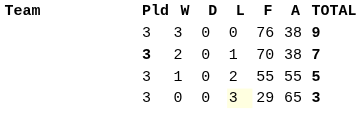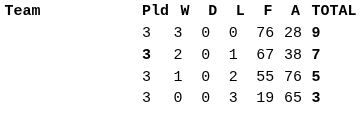 <table>
 <tr>
 <td><br></td>
 </tr>
 <tr border=1 cellpadding=5 cellspacing=0>
 <th width="200">Team</th>
 <th width="20">Pld</th>
 <th width="20">W</th>
 <th width="20">D</th>
 <th width="20">L</th>
 <th width="20">F</th>
 <th width="20">A</th>
 <th width="20">TOTAL</th>
 </tr>
 <tr>
 <td align=left></td>
 <td>3</td>
 <td>3</td>
 <td>0</td>
 <td>0</td>
 <td>76</td>
-<td>38</td>
+<td>28</td>
 <td><strong>9</strong></td>
 </tr>
 <tr>
 <td align=left></td>
 <td><strong>3</strong></td>
 <td>2</td>
 <td>0</td>
 <td>1</td>
-<td>70</td>
+<td>67</td>
 <td>38</td>
 <td><strong>7</strong></td>
 </tr>
 <tr>
 <td align=left></td>
 <td>3</td>
 <td>1</td>
 <td>0</td>
 <td>2</td>
 <td>55</td>
-<td>55</td>
+<td>76</td>
 <td><strong>5</strong></td>
 </tr>
 <tr>
 <td align=left></td>
 <td>3</td>
 <td>0</td>
 <td>0</td>
-<td style="background: lightyellow;">3</td>
-<td>29</td>
+<td>3</td>
+<td>19</td>
 <td>65</td>
 <td><strong>3</strong></td>
 </tr>
 </table>
